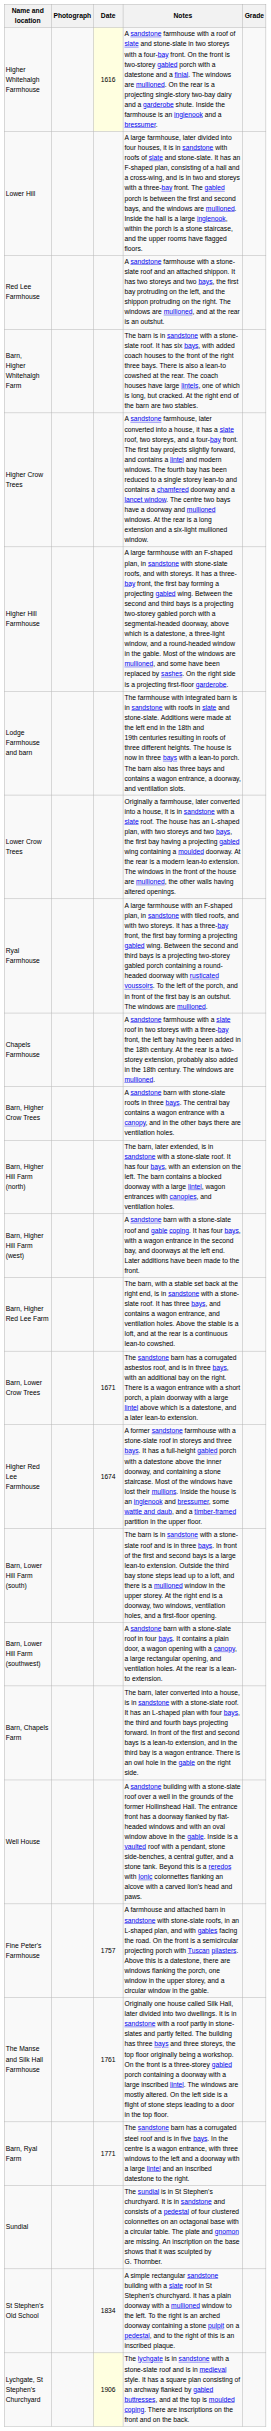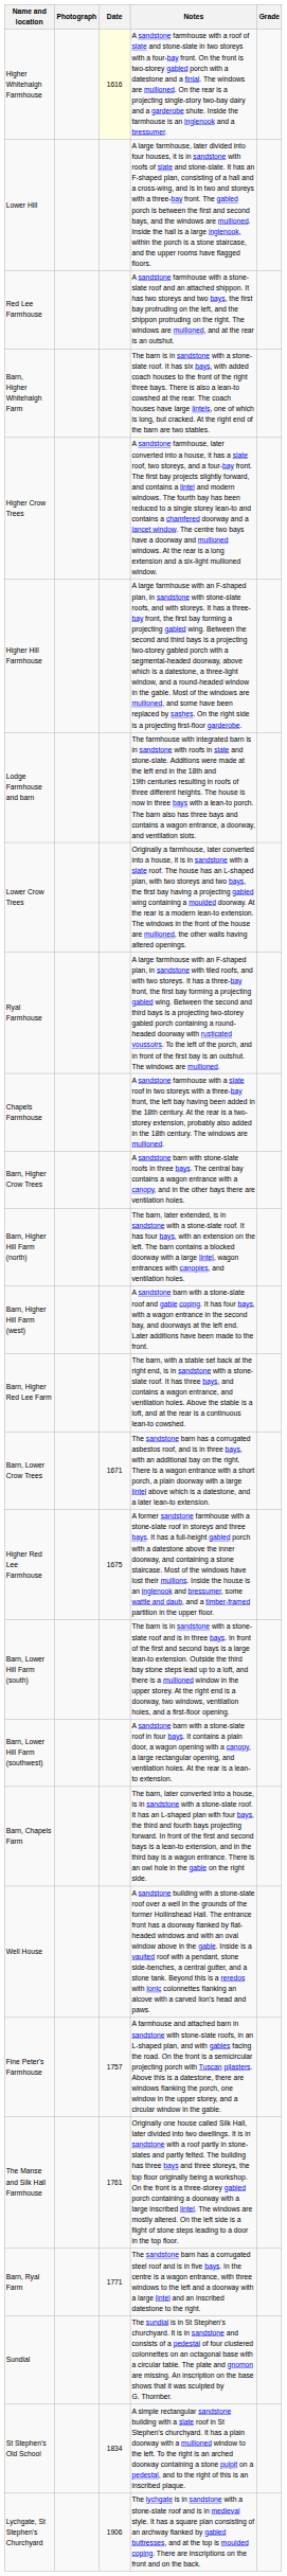 <table class="wikitable sortable plainrowheaders" style="width:100%;border:0px;text-align:left;line-height:150%;">
 <tr>
 <th scope="col"  style="width:150px">Name and location</th>
 <th scope="col"  style="width:100px" class="unsortable">Photograph</th>
 <th scope="col"  style="width:120px">Date</th>
 <th scope="col"  style="width:650px" class="unsortable">Notes</th>
 <th scope="col"  style="width:50px">Grade</th>
 </tr>
 <tr>
 <td>Higher Whitehalgh Farmhouse<br><small></small></td>
 <td></td>
 <td align="center" style="background: lightyellow;">1616</td>
 <td>A <a href='#'>sandstone</a> farmhouse with a roof of <a href='#'>slate</a> and stone-slate in two storeys with a four-<a href='#'>bay</a> front.  On the front is  two-storey <a href='#'>gabled</a> porch with a datestone and a <a href='#'>finial</a>.  The windows are <a href='#'>mullioned</a>.  On the rear is a projecting single-story two-bay dairy and a <a href='#'>garderobe</a> shute.  Inside the farmhouse is an <a href='#'>inglenook</a> and a <a href='#'>bressumer</a>.</td>
 <td align="center" ></td>
 </tr>
 <tr>
 <td>Lower Hill<br><small></small></td>
 <td></td>
 <td align="center"></td>
 <td>A large farmhouse, later divided into four houses, it is in <a href='#'>sandstone</a> with roofs of <a href='#'>slate</a> and stone-slate.  It has an F-shaped plan, consisting of a hall and a cross-wing, and is in two and  storeys with a three-<a href='#'>bay</a> front.  The <a href='#'>gabled</a> porch is between the first and second bays, and the windows are <a href='#'>mullioned</a>.  Inside the hall is a large <a href='#'>inglenook</a>, within the porch is a stone staircase, and the upper rooms have flagged floors.</td>
 <td align="center" ></td>
 </tr>
 <tr>
 <td>Red Lee Farmhouse<br><small></small></td>
 <td></td>
 <td align="center"></td>
 <td>A <a href='#'>sandstone</a> farmhouse with a stone-slate roof and an attached shippon.  It has two storeys and two <a href='#'>bays</a>, the first bay protruding on the left, and the shippon protruding on the right.  The windows are <a href='#'>mullioned</a>, and at the rear is an outshut.</td>
 <td align="center" ></td>
 </tr>
 <tr>
 <td>Barn,<br>Higher Whitehalgh Farm<br><small></small></td>
 <td></td>
 <td align="center"></td>
 <td>The barn is in <a href='#'>sandstone</a> with a stone-slate roof.  It has six <a href='#'>bays</a>, with added coach houses to the front of the right three bays.  There is also a lean-to cowshed at the rear.  The coach houses have large <a href='#'>lintels</a>, one of which is  long, but cracked.  At the right end of the barn are two stables.</td>
 <td align="center" ></td>
 </tr>
 <tr>
 <td>Higher Crow Trees<br><small></small></td>
 <td></td>
 <td align="center"></td>
 <td>A <a href='#'>sandstone</a> farmhouse, later converted into a house, it has a <a href='#'>slate</a> roof, two storeys, and a four-<a href='#'>bay</a> front.  The first bay projects slightly forward, and contains a <a href='#'>lintel</a> and modern windows.  The fourth bay has been reduced to a single storey lean-to and contains a <a href='#'>chamfered</a> doorway and a <a href='#'>lancet window</a>.  The centre two bays have a doorway and <a href='#'>mullioned</a> windows.  At the rear is a long extension and a six-light mullioned window.</td>
 <td align="center" ></td>
 </tr>
 <tr>
 <td>Higher Hill Farmhouse<br><small></small></td>
 <td></td>
 <td align="center"></td>
 <td>A large farmhouse with an F-shaped plan, in <a href='#'>sandstone</a> with stone-slate roofs, and with  storeys.  It has a three-<a href='#'>bay</a> front, the first bay forming a projecting <a href='#'>gabled</a> wing.  Between the second and third bays is a projecting two-storey gabled porch with a segmental-headed doorway, above which is a datestone, a three-light window, and a round-headed window in the gable.  Most of the windows are <a href='#'>mullioned</a>, and some have been replaced by <a href='#'>sashes</a>.  On the right side is a projecting first-floor <a href='#'>garderobe</a>.</td>
 <td align="center" ></td>
 </tr>
 <tr>
 <td>Lodge Farmhouse and barn<br><small></small></td>
 <td></td>
 <td align="center"></td>
 <td>The farmhouse with integrated barn is in <a href='#'>sandstone</a> with roofs in <a href='#'>slate</a> and stone-slate.  Additions were made at the left end in the 18th and 19th centuries resulting in roofs of three different heights.  The house is now in three <a href='#'>bays</a> with a lean-to porch.  The barn also has three bays and contains a wagon entrance, a doorway, and ventilation slots.</td>
 <td align="center" ></td>
 </tr>
 <tr>
 <td>Lower Crow Trees<br><small></small></td>
 <td></td>
 <td align="center"></td>
 <td>Originally a farmhouse, later converted into a house, it is in <a href='#'>sandstone</a> with a <a href='#'>slate</a> roof.  The house has an L-shaped plan, with two storeys and two <a href='#'>bays</a>, the first bay having a projecting <a href='#'>gabled</a> wing containing a <a href='#'>moulded</a> doorway.  At the rear is a modern lean-to extension.  The windows in the front of the house are <a href='#'>mullioned</a>, the other walls having altered openings.</td>
 <td align="center" ></td>
 </tr>
 <tr>
 <td>Ryal Farmhouse<br><small></small></td>
 <td></td>
 <td align="center"></td>
 <td>A large farmhouse with an F-shaped plan, in <a href='#'>sandstone</a> with tiled roofs, and with two storeys.  It has a three-<a href='#'>bay</a> front, the first bay forming a projecting <a href='#'>gabled</a> wing.  Between the second and third bays is a projecting two-storey gabled porch containing a round-headed doorway with <a href='#'>rusticated</a> <a href='#'>voussoirs</a>.  To the left of the porch, and in front of the first bay is an outshut.  The windows are <a href='#'>mullioned</a>.</td>
 <td align="center" ></td>
 </tr>
 <tr>
 <td>Chapels Farmhouse<br><small></small></td>
 <td></td>
 <td align="center"></td>
 <td>A <a href='#'>sandstone</a> farmhouse with a <a href='#'>slate</a> roof in two storeys with a three-<a href='#'>bay</a> front, the left bay having been added in the 18th century.  At the rear is a two-storey extension, probably also added in the 18th century.  The windows are <a href='#'>mullioned</a>.</td>
 <td align="center" ></td>
 </tr>
 <tr>
 <td>Barn, Higher Crow Trees<br><small></small></td>
 <td></td>
 <td align="center"></td>
 <td>A <a href='#'>sandstone</a> barn with stone-slate roofs in three <a href='#'>bays</a>.  The central bay contains a wagon entrance with a <a href='#'>canopy</a>, and in the other bays there are ventilation holes.</td>
 <td align="center" ></td>
 </tr>
 <tr>
 <td>Barn, Higher Hill Farm (north)<br><small></small></td>
 <td></td>
 <td align="center"></td>
 <td>The barn, later extended, is in <a href='#'>sandstone</a> with a stone-slate roof.  It has four <a href='#'>bays</a>, with an extension on the left.  The barn contains a blocked doorway with a large <a href='#'>lintel</a>, wagon entrances with <a href='#'>canopies</a>, and ventilation holes.</td>
 <td align="center" ></td>
 </tr>
 <tr>
 <td>Barn, Higher Hill Farm (west)<br><small></small></td>
 <td></td>
 <td align="center"></td>
 <td>A <a href='#'>sandstone</a> barn with a stone-slate roof and <a href='#'>gable</a> <a href='#'>coping</a>.  It has four <a href='#'>bays</a>, with a wagon entrance in the second bay, and doorways at the left end.  Later additions have been made to the front.</td>
 <td align="center" ></td>
 </tr>
 <tr>
 <td>Barn, Higher Red Lee Farm<br><small></small></td>
 <td></td>
 <td align="center"></td>
 <td>The barn, with a stable set back at the right end, is in <a href='#'>sandstone</a> with a stone-slate roof.  It has three <a href='#'>bays</a>, and contains a wagon entrance, and ventilation holes.  Above the stable is a loft, and at the rear is a continuous lean-to cowshed.</td>
 <td align="center" ></td>
 </tr>
 <tr>
 <td>Barn, Lower Crow Trees<br><small></small></td>
 <td></td>
 <td align="center">1671</td>
 <td>The <a href='#'>sandstone</a> barn has a corrugated asbestos roof, and is in three <a href='#'>bays</a>, with an additional bay on the right.  There is a wagon entrance with a short porch, a plain doorway with a large <a href='#'>lintel</a> above which is a datestone, and a later lean-to extension.</td>
 <td align="center" ></td>
 </tr>
 <tr>
 <td>Higher Red Lee Farmhouse<br><small></small></td>
 <td></td>
-<td align="center">1674</td>
+<td align="center">1675</td>
 <td>A former <a href='#'>sandstone</a> farmhouse with a stone-slate roof in  storeys and three <a href='#'>bays</a>.  It has a full-height <a href='#'>gabled</a> porch with a datestone above the inner doorway, and containing a stone staircase.  Most of the windows have lost their <a href='#'>mullions</a>.  Inside the house is an <a href='#'>inglenook</a> and <a href='#'>bressumer</a>, some <a href='#'>wattle and daub</a>, and a <a href='#'>timber-framed</a> partition in the upper floor.</td>
 <td align="center" ></td>
 </tr>
 <tr>
 <td>Barn, Lower Hill Farm (south)<br><small></small></td>
 <td></td>
 <td align="center"></td>
 <td>The barn is in <a href='#'>sandstone</a> with a stone-slate roof and is in three <a href='#'>bays</a>.  In front of the first and second bays is a large lean-to extension.  Outside the third bay stone steps lead up to a loft, and there is a <a href='#'>mullioned</a> window in the upper storey.  At the right end is a doorway, two windows, ventilation holes, and a first-floor opening.</td>
 <td align="center" ></td>
 </tr>
 <tr>
 <td>Barn, Lower Hill Farm (southwest)<br><small></small></td>
 <td></td>
 <td align="center"></td>
 <td>A <a href='#'>sandstone</a> barn with a stone-slate roof in four <a href='#'>bays</a>.  It contains a plain door, a wagon opening with a <a href='#'>canopy</a>, a large rectangular opening, and ventilation holes.  At the rear is a lean-to extension.</td>
 <td align="center" ></td>
 </tr>
 <tr>
 <td>Barn, Chapels Farm<br><small></small></td>
 <td></td>
 <td align="center"></td>
 <td>The barn, later converted into a house, is in <a href='#'>sandstone</a> with a stone-slate roof.  It has an L-shaped plan with four <a href='#'>bays</a>, the third and fourth bays projecting forward.  In front of the first and second bays is a lean-to extension, and in the third bay is a wagon entrance.  There is an owl hole in the <a href='#'>gable</a> on the right side.</td>
 <td align="center" ></td>
 </tr>
 <tr>
 <td>Well House<br><small></small></td>
 <td></td>
 <td align="center"></td>
 <td>A <a href='#'>sandstone</a> building with a stone-slate roof over a well in the grounds of the former Hollinshead Hall.  The entrance front has a doorway flanked by flat-headed windows and with an oval window above in the <a href='#'>gable</a>.  Inside is a <a href='#'>vaulted</a> roof with a pendant, stone side-benches, a central gutter, and a stone tank.  Beyond this is a <a href='#'>reredos</a> with <a href='#'>Ionic</a> colonnettes flanking an alcove with a carved lion's head and paws.</td>
 <td align="center" ></td>
 </tr>
 <tr>
 <td>Fine Peter's Farmhouse<br><small></small></td>
 <td></td>
 <td align="center">1757</td>
 <td>A farmhouse and attached barn in <a href='#'>sandstone</a> with stone-slate roofs, in an L-shaped plan, and with <a href='#'>gables</a> facing the road.  On the front is a semicircular projecting porch with <a href='#'>Tuscan</a> <a href='#'>pilasters</a>.  Above this is a datestone, there are windows flanking the porch, one window in the upper storey, and a circular window in the gable.</td>
 <td align="center" ></td>
 </tr>
 <tr>
 <td>The Manse and Silk Hall Farmhouse<br><small></small></td>
 <td></td>
 <td align="center">1761</td>
 <td>Originally one house called Silk Hall, later divided into two dwellings.  It is in <a href='#'>sandstone</a> with a roof partly in stone-slates and partly felted.  The building has three <a href='#'>bays</a> and three storeys, the top floor originally being a workshop.  On the front is a three-storey <a href='#'>gabled</a> porch containing a doorway with a large inscribed <a href='#'>lintel</a>.  The windows are mostly altered.  On the left side is a flight of stone steps leading to a door in the top floor.</td>
 <td align="center" ></td>
 </tr>
 <tr>
 <td>Barn, Ryal Farm<br><small></small></td>
 <td></td>
 <td align="center">1771</td>
 <td>The <a href='#'>sandstone</a> barn has a corrugated steel roof and is in five <a href='#'>bays</a>. In the centre is a wagon entrance, with three windows to the left and a doorway with a large <a href='#'>lintel</a> and an inscribed datestone to the right.</td>
 <td align="center" ></td>
 </tr>
 <tr>
 <td>Sundial<br><small></small></td>
 <td></td>
 <td align="center"></td>
 <td>The <a href='#'>sundial</a> is in  St Stephen's churchyard.  It is in <a href='#'>sandstone</a> and consists of a <a href='#'>pedestal</a> of four clustered colonnettes on an octagonal base with a circular table.  The plate and <a href='#'>gnomon</a> are missing.  An inscription on the base shows that it was sculpted by G. Thornber.</td>
 <td align="center" ></td>
 </tr>
 <tr>
 <td>St Stephen's Old School<br><small></small></td>
 <td></td>
 <td align="center">1834</td>
 <td>A simple rectangular <a href='#'>sandstone</a> building with a <a href='#'>slate</a> roof in St Stephen's churchyard.  It has a plain doorway with a <a href='#'>mullioned</a> window to the left.  To the right is an arched doorway containing a stone <a href='#'>pulpit</a> on a <a href='#'>pedestal</a>, and to the right of this is an inscribed plaque.</td>
 <td align="center" ></td>
 </tr>
 <tr>
 <td>Lychgate, St Stephen's Churchyard<br><small></small></td>
 <td></td>
-<td align="center" style="background: lightyellow;">1906</td>
+<td align="center">1906</td>
 <td>The <a href='#'>lychgate</a> is in <a href='#'>sandstone</a> with a stone-slate roof and is in <a href='#'>medieval</a> style.  It has a square plan consisting of an archway flanked by <a href='#'>gabled</a> <a href='#'>buttresses</a>, and at the top is <a href='#'>moulded</a> <a href='#'>coping</a>.  There are inscriptions on the front and on the back.</td>
 <td align="center" ></td>
 </tr>
 <tr>
 </tr>
 </table>
